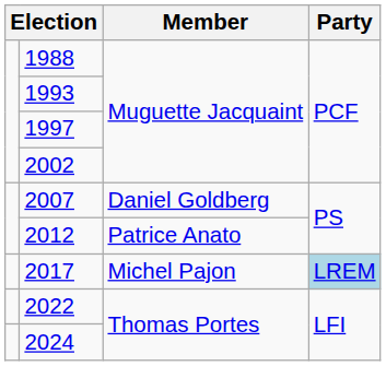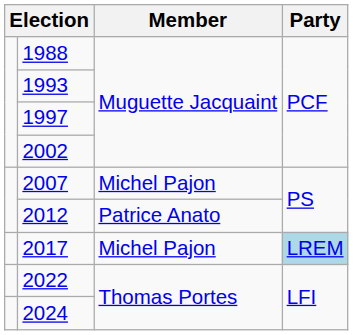 <table class="wikitable">
 <tr>
 <th colspan="2">Election</th>
 <th>Member</th>
 <th>Party</th>
 </tr>
 <tr>
 <td rowspan="4" style="color:inherit;background-color: "></td>
 <td><a href='#'>1988</a></td>
 <td rowspan="4"><a href='#'>Muguette Jacquaint</a></td>
 <td rowspan="4"><a href='#'>PCF</a></td>
 </tr>
 <tr>
 <td><a href='#'>1993</a></td>
 </tr>
 <tr>
 <td><a href='#'>1997</a></td>
 </tr>
 <tr>
 <td><a href='#'>2002</a></td>
 </tr>
 <tr>
 <td rowspan="2" style="color:inherit;background-color: "></td>
 <td><a href='#'>2007</a></td>
-<td><a href='#'>Daniel Goldberg</a></td>
+<td><a href='#'>Michel Pajon</a></td>
 <td rowspan="2"><a href='#'>PS</a></td>
 </tr>
 <tr>
 <td><a href='#'>2012</a></td>
 <td><a href='#'>Patrice Anato</a></td>
 </tr>
 <tr>
 <td style="color:inherit;background-color: "></td>
 <td><a href='#'>2017</a></td>
 <td><a href='#'>Michel Pajon</a></td>
 <td style="background: lightblue;"><a href='#'>LREM</a></td>
 </tr>
 <tr>
 <td style="color:inherit;background-color: "></td>
 <td><a href='#'>2022</a></td>
 <td rowspan="2"><a href='#'>Thomas Portes</a></td>
 <td rowspan="2"><a href='#'>LFI</a></td>
 </tr>
 <tr>
 <td style="color:inherit;background-color: "></td>
 <td><a href='#'>2024</a></td>
 </tr>
 </table>
